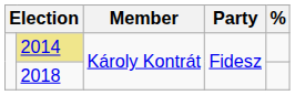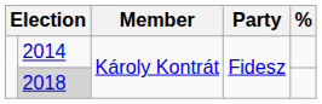 <table class=wikitable>
 <tr>
 <th colspan=2>Election</th>
 <th>Member</th>
 <th>Party</th>
 <th>%</th>
 </tr>
 <tr>
 <td rowspan=2 bgcolor=></td>
-<td style="background: khaki;"><a href='#'>2014</a></td>
+<td><a href='#'>2014</a></td>
 <td rowspan=2><a href='#'>Károly Kontrát</a></td>
 <td rowspan=2><a href='#'>Fidesz</a></td>
 <td align=right></td>
 </tr>
 <tr>
-<td><a href='#'>2018</a></td>
+<td style="background: lightgrey;"><a href='#'>2018</a></td>
 <td align=right></td>
 </tr>
 </table>
